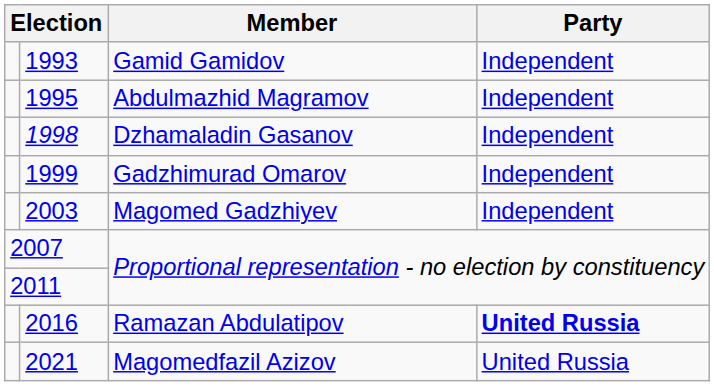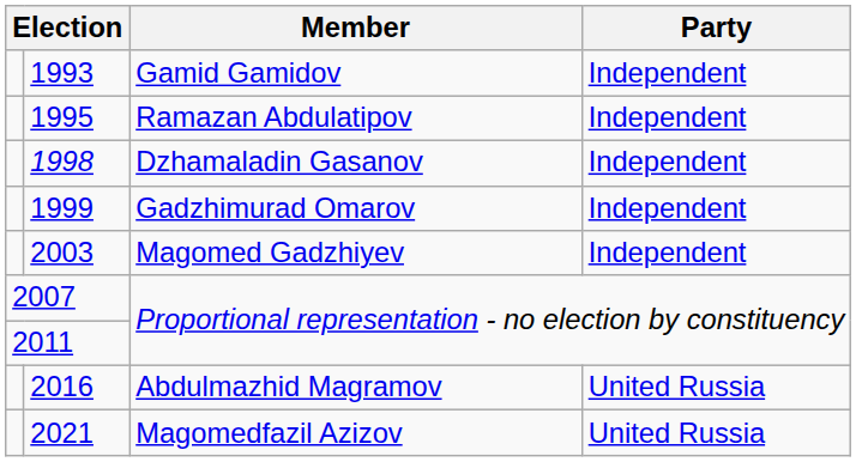 <table class="wikitable">
 <tr>
 <th colspan="2">Election</th>
 <th>Member</th>
 <th>Party</th>
 </tr>
 <tr>
 <td style="background-color:"></td>
 <td><a href='#'>1993</a></td>
 <td><a href='#'>Gamid Gamidov</a></td>
 <td><a href='#'>Independent</a></td>
 </tr>
 <tr>
 <td style="background-color:"></td>
 <td><a href='#'>1995</a></td>
-<td><a href='#'>Abdulmazhid Magramov</a></td>
+<td><a href='#'>Ramazan Abdulatipov</a></td>
 <td><a href='#'>Independent</a></td>
 </tr>
 <tr>
 <td style="background-color:"></td>
 <td><em><a href='#'>1998</a></em></td>
 <td><a href='#'>Dzhamaladin Gasanov</a></td>
 <td><a href='#'>Independent</a></td>
 </tr>
 <tr>
 <td style="background-color:"></td>
 <td><a href='#'>1999</a></td>
 <td><a href='#'>Gadzhimurad Omarov</a></td>
 <td><a href='#'>Independent</a></td>
 </tr>
 <tr>
 <td style="background-color:"></td>
 <td><a href='#'>2003</a></td>
 <td><a href='#'>Magomed Gadzhiyev</a></td>
 <td><a href='#'>Independent</a></td>
 </tr>
 <tr>
 <td colspan=2><a href='#'>2007</a></td>
 <td colspan=2 rowspan=2><em><a href='#'>Proportional representation</a> - no election by constituency</em></td>
 </tr>
 <tr>
 <td colspan=2><a href='#'>2011</a></td>
 </tr>
 <tr>
 <td style="background-color: "></td>
 <td><a href='#'>2016</a></td>
-<td><a href='#'>Ramazan Abdulatipov</a></td>
-<td><strong><a href='#'>United Russia</a></strong></td>
+<td><a href='#'>Abdulmazhid Magramov</a></td>
+<td><a href='#'>United Russia</a></td>
 </tr>
 <tr>
 <td style="background-color: "></td>
 <td><a href='#'>2021</a></td>
 <td><a href='#'>Magomedfazil Azizov</a></td>
 <td><a href='#'>United Russia</a></td>
 </tr>
 </table>
